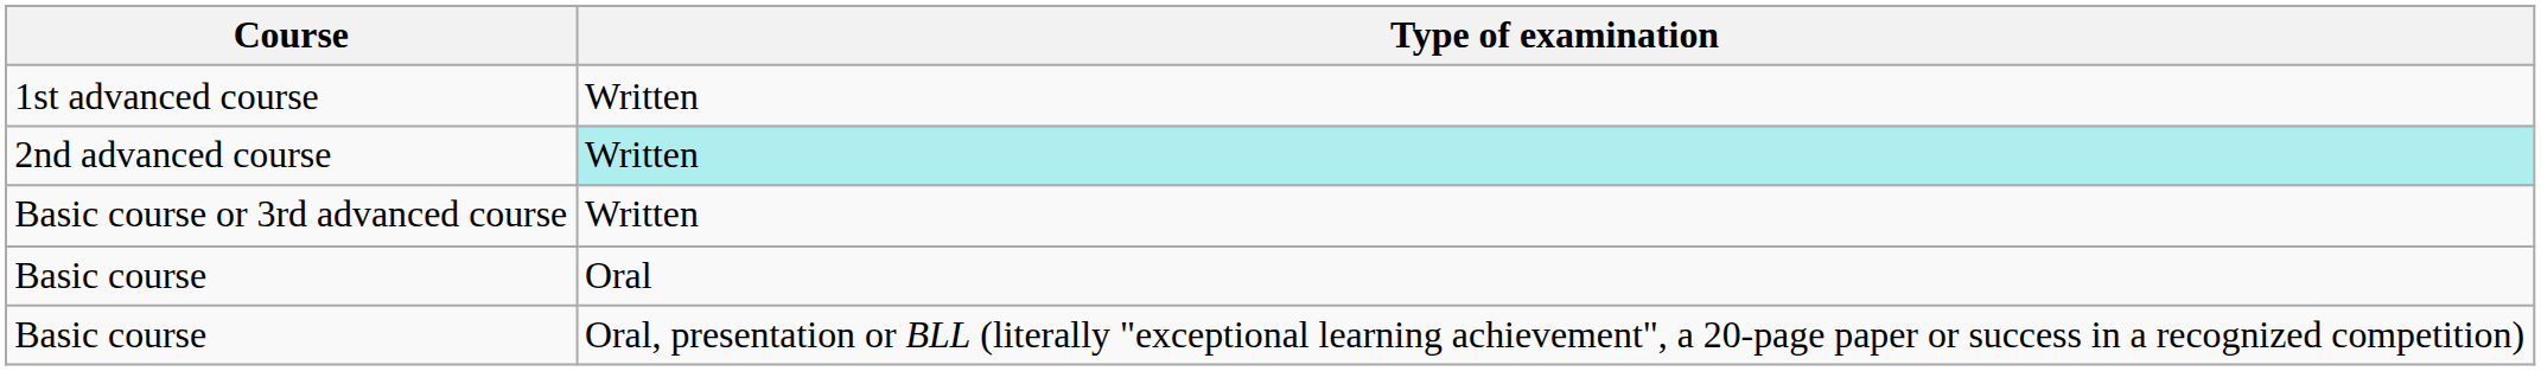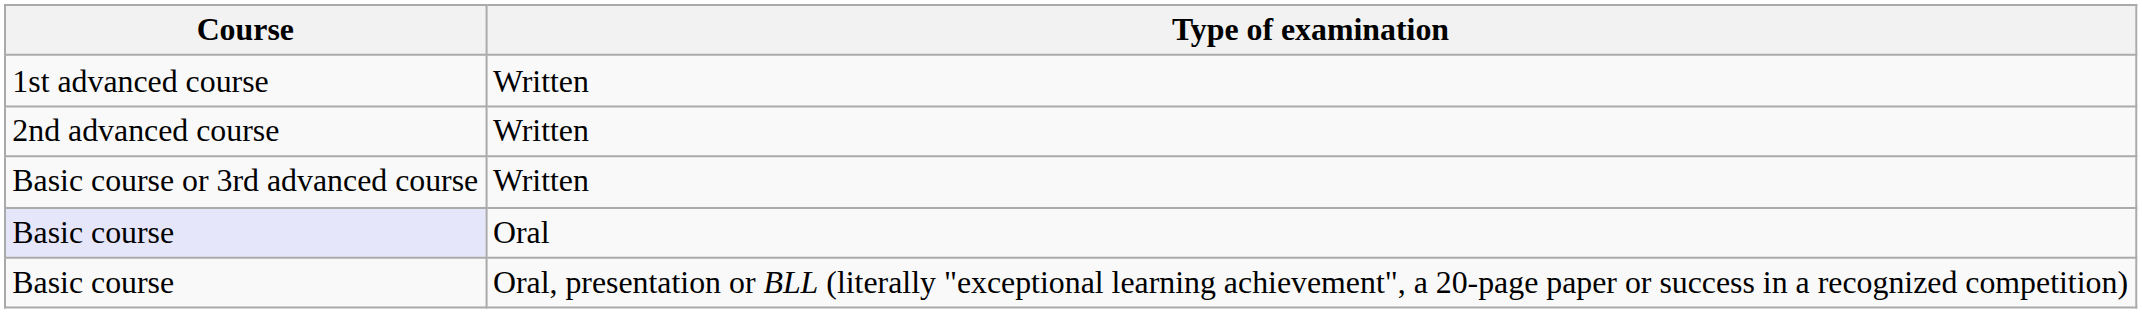 <table class="wikitable">
 <tr>
 <th>Course</th>
 <th>Type of examination</th>
 </tr>
 <tr>
 <td>1st advanced course</td>
 <td>Written</td>
 </tr>
 <tr>
 <td>2nd advanced course</td>
-<td style="background: paleturquoise;">Written</td>
+<td>Written</td>
 </tr>
 <tr>
 <td>Basic course or 3rd advanced course</td>
 <td>Written</td>
 </tr>
 <tr>
-<td>Basic course</td>
+<td style="background: lavender;">Basic course</td>
 <td>Oral</td>
 </tr>
 <tr>
 <td>Basic course</td>
 <td>Oral, presentation or <em>BLL</em> (literally "exceptional learning achievement", a 20-page paper or success in a recognized competition)</td>
 </tr>
 </table>
